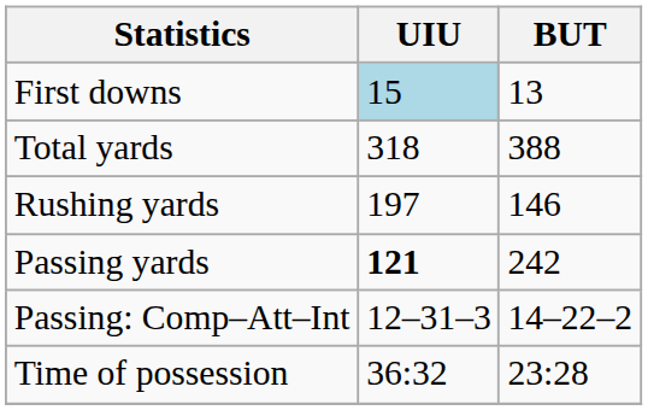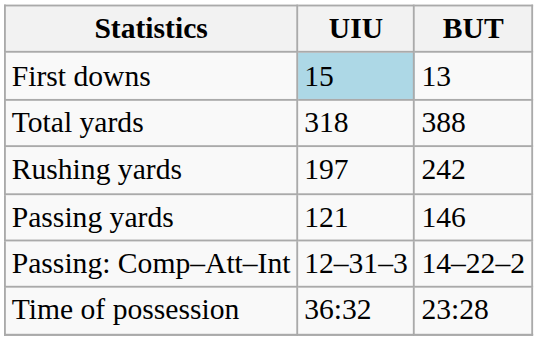 <table class="wikitable" style="float: left;">
 <tr>
 <th>Statistics</th>
 <th>UIU</th>
 <th>BUT</th>
 </tr>
 <tr>
 <td>First downs</td>
 <td style="background: lightblue;">15</td>
 <td>13</td>
 </tr>
 <tr>
 <td>Total yards</td>
 <td>318</td>
 <td>388</td>
 </tr>
 <tr>
 <td>Rushing yards</td>
 <td>197</td>
-<td>146</td>
+<td>242</td>
 </tr>
 <tr>
 <td>Passing yards</td>
-<td><strong>121</strong></td>
-<td>242</td>
+<td>121</td>
+<td>146</td>
 </tr>
 <tr>
 <td>Passing: Comp–Att–Int</td>
 <td>12–31–3</td>
 <td>14–22–2</td>
 </tr>
 <tr>
 <td>Time of possession</td>
 <td>36:32</td>
 <td>23:28</td>
 </tr>
 <tr>
 </tr>
 </table>
